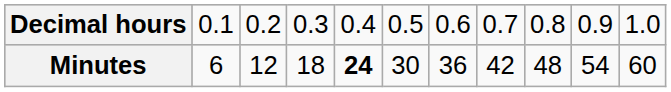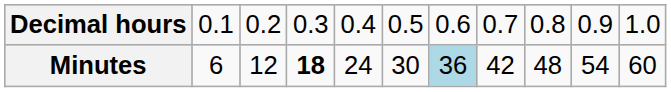 <table class="wikitable" style="margin: auto; text-align: center;">
 <tr>
 <th>Decimal hours</th>
 <td>0.1</td>
 <td>0.2</td>
 <td>0.3</td>
 <td>0.4</td>
 <td>0.5</td>
 <td>0.6</td>
 <td>0.7</td>
 <td>0.8</td>
 <td>0.9</td>
 <td>1.0</td>
 </tr>
 <tr>
 <th>Minutes</th>
 <td>6</td>
 <td>12</td>
-<td>18</td>
-<td><strong>24</strong></td>
+<td><strong>18</strong></td>
+<td>24</td>
 <td>30</td>
-<td>36</td>
+<td style="background: lightblue;">36</td>
 <td>42</td>
 <td>48</td>
 <td>54</td>
 <td>60</td>
 </tr>
 </table>
